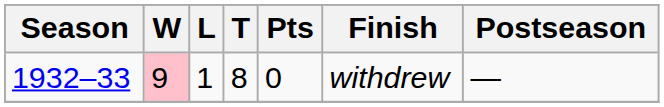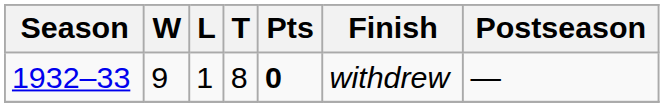 <table class="wikitable" width=39%>
 <tr>
 <th>Season</th>
 <th>W</th>
 <th>L</th>
 <th>T</th>
 <th>Pts</th>
 <th>Finish</th>
 <th>Postseason</th>
 </tr>
 <tr>
 <td><a href='#'>1932–33</a></td>
-<td style="background: pink;">9</td>
+<td>9</td>
 <td>1</td>
 <td>8</td>
-<td>0</td>
+<td><strong>0</strong></td>
 <td><em>withdrew</em></td>
 <td>—</td>
 </tr>
 <tr>
 </tr>
 </table>
